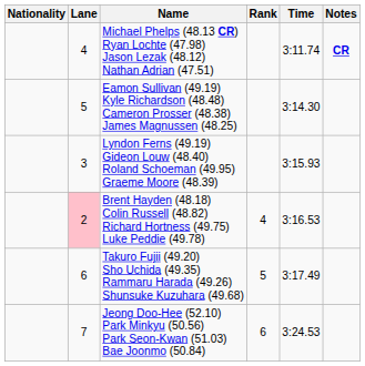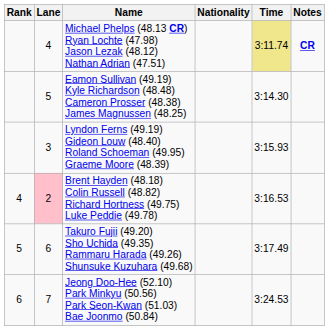 <table class="wikitable sortable" style="text-align:center">
 <tr>
-<th>Nationality</th>
+<th>Rank</th>
 <th>Lane</th>
 <th>Name</th>
-<th>Rank</th>
+<th>Nationality</th>
 <th>Time</th>
 <th>Notes</th>
 </tr>
 <tr>
-<td align=left></td>
+<td></td>
 <td>4</td>
 <td align=left><a href='#'>Michael Phelps</a> (48.13 <strong><a href='#'>CR</a></strong>) <br> <a href='#'>Ryan Lochte</a> (47.98) <br> <a href='#'>Jason Lezak</a> (48.12) <br> <a href='#'>Nathan Adrian</a> (47.51)</td>
-<td></td>
-<td>3:11.74</td>
+<td align=left></td>
+<td style="background: khaki;">3:11.74</td>
 <td><strong><a href='#'>CR</a></strong></td>
 </tr>
 <tr>
-<td align=left></td>
+<td></td>
 <td>5</td>
 <td align=left><a href='#'>Eamon Sullivan</a> (49.19) <br> <a href='#'>Kyle Richardson</a> (48.48) <br> <a href='#'>Cameron Prosser</a> (48.38) <br> <a href='#'>James Magnussen</a> (48.25)</td>
-<td></td>
+<td align=left></td>
 <td>3:14.30</td>
 <td></td>
 </tr>
 <tr>
-<td align=left></td>
+<td></td>
 <td>3</td>
 <td align=left><a href='#'>Lyndon Ferns</a> (49.19) <br> <a href='#'>Gideon Louw</a> (48.40) <br> <a href='#'>Roland Schoeman</a> (49.95) <br> <a href='#'>Graeme Moore</a> (48.39)</td>
-<td></td>
+<td align=left></td>
 <td>3:15.93</td>
 <td></td>
 </tr>
 <tr>
-<td align=left></td>
+<td>4</td>
 <td style="background: pink;">2</td>
 <td align=left><a href='#'>Brent Hayden</a> (48.18) <br><a href='#'>Colin Russell</a> (48.82) <br><a href='#'>Richard Hortness</a> (49.75) <br><a href='#'>Luke Peddie</a> (49.78)</td>
-<td>4</td>
+<td align=left></td>
 <td>3:16.53</td>
 <td></td>
 </tr>
 <tr>
-<td align=left></td>
+<td>5</td>
 <td>6</td>
 <td align=left><a href='#'>Takuro Fujii</a> (49.20) <br> <a href='#'>Sho Uchida</a> (49.35) <br> <a href='#'>Rammaru Harada</a> (49.26) <br> <a href='#'>Shunsuke Kuzuhara</a> (49.68)</td>
-<td>5</td>
+<td align=left></td>
 <td>3:17.49</td>
 <td></td>
 </tr>
 <tr>
-<td align=left></td>
+<td>6</td>
 <td>7</td>
 <td align=left><a href='#'>Jeong Doo-Hee</a> (52.10) <br><a href='#'>Park Minkyu</a> (50.56) <br><a href='#'>Park Seon-Kwan</a> (51.03) <br><a href='#'>Bae Joonmo</a> (50.84)</td>
-<td>6</td>
+<td align=left></td>
 <td>3:24.53</td>
 <td></td>
 </tr>
 </table>
